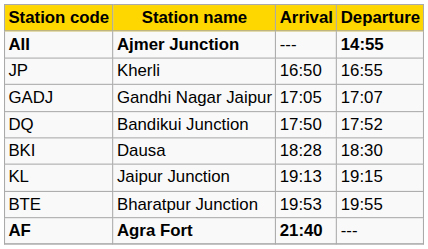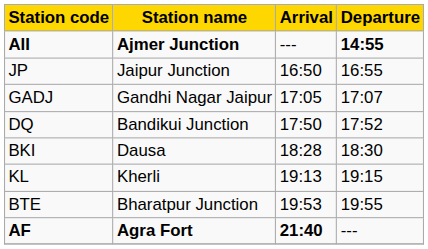 <table class="wikitable">
 <tr>
 <th style="background:gold;">Station code</th>
 <th ! style="background:gold;">Station name</th>
 <th ! style="background:gold;">Arrival</th>
 <th ! style="background:gold;">Departure</th>
 </tr>
 <tr>
 <td><strong>AII</strong></td>
 <td><strong>Ajmer Junction</strong></td>
 <td>---</td>
 <td><strong>14:55</strong></td>
 </tr>
 <tr>
 <td>JP</td>
-<td>Kherli</td>
+<td>Jaipur Junction</td>
 <td>16:50</td>
 <td>16:55</td>
 </tr>
 <tr>
 <td>GADJ</td>
 <td>Gandhi Nagar Jaipur</td>
 <td>17:05</td>
 <td>17:07</td>
 </tr>
 <tr>
 <td>DQ</td>
 <td>Bandikui Junction</td>
 <td>17:50</td>
 <td>17:52</td>
 </tr>
 <tr>
 <td>BKI</td>
 <td>Dausa</td>
 <td>18:28</td>
 <td>18:30</td>
 </tr>
 <tr>
 <td>KL</td>
-<td>Jaipur Junction</td>
+<td>Kherli</td>
 <td>19:13</td>
 <td>19:15</td>
 </tr>
 <tr>
 <td>BTE</td>
 <td>Bharatpur Junction</td>
 <td>19:53</td>
 <td>19:55</td>
 </tr>
 <tr>
 <td><strong>AF</strong></td>
 <td><strong>Agra Fort</strong></td>
 <td><strong>21:40</strong></td>
 <td>---</td>
 </tr>
 <tr>
 </tr>
 </table>
